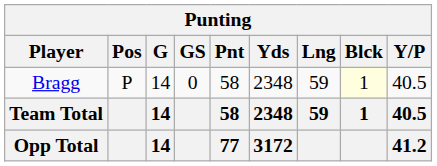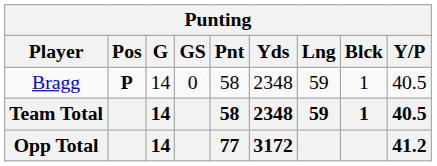 <table class="wikitable" style="text-align:center">
 <tr>
 <th colspan="9">Punting</th>
 </tr>
 <tr>
 <th>Player</th>
 <th>Pos</th>
 <th>G</th>
 <th>GS</th>
 <th>Pnt</th>
 <th>Yds</th>
 <th>Lng</th>
 <th>Blck</th>
 <th>Y/P</th>
 </tr>
 <tr>
 <td><a href='#'>Bragg</a></td>
-<td>P</td>
+<td><strong>P</strong></td>
 <td>14</td>
 <td>0</td>
 <td>58</td>
 <td>2348</td>
 <td>59</td>
-<td style="background: lightyellow;">1</td>
+<td>1</td>
 <td>40.5</td>
 </tr>
 <tr>
 <th>Team Total</th>
 <th></th>
 <th>14</th>
 <th></th>
 <th>58</th>
 <th>2348</th>
 <th>59</th>
 <th>1</th>
 <th>40.5</th>
 </tr>
 <tr>
 <th>Opp Total</th>
 <th></th>
 <th>14</th>
 <th></th>
 <th>77</th>
 <th>3172</th>
 <th></th>
 <th></th>
 <th>41.2</th>
 </tr>
 </table>
